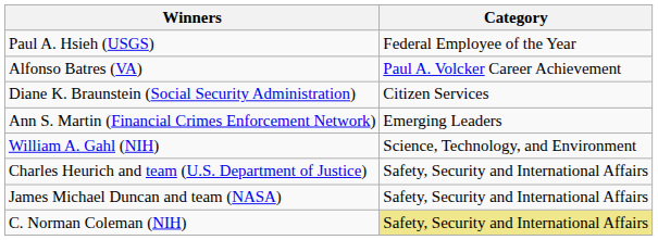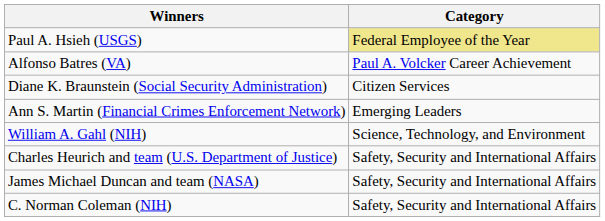 <table class="wikitable sortable mw-collapsible">
 <tr>
 <th>Winners</th>
 <th>Category</th>
 </tr>
 <tr>
 <td>Paul A. Hsieh (<a href='#'>USGS</a>)</td>
-<td>Federal Employee of the Year</td>
+<td style="background: khaki;">Federal Employee of the Year</td>
 </tr>
 <tr>
 <td>Alfonso Batres (<a href='#'>VA</a>)</td>
 <td><a href='#'>Paul A. Volcker</a> Career Achievement</td>
 </tr>
 <tr>
 <td>Diane K. Braunstein (<a href='#'>Social Security Administration</a>)</td>
 <td>Citizen Services</td>
 </tr>
 <tr>
 <td>Ann S. Martin (<a href='#'>Financial Crimes Enforcement Network</a>)</td>
 <td>Emerging Leaders</td>
 </tr>
 <tr>
 <td><a href='#'>William A. Gahl</a> (<a href='#'>NIH</a>)</td>
 <td>Science, Technology, and Environment</td>
 </tr>
 <tr>
 <td>Charles Heurich and <a href='#'>team</a> (<a href='#'>U.S. Department of Justice</a>)</td>
 <td>Safety, Security and International Affairs</td>
 </tr>
 <tr>
 <td>James Michael Duncan and team (<a href='#'>NASA</a>)</td>
 <td>Safety, Security and International Affairs</td>
 </tr>
 <tr>
 <td>C. Norman Coleman (<a href='#'>NIH</a>)</td>
-<td style="background: khaki;">Safety, Security and International Affairs</td>
+<td>Safety, Security and International Affairs</td>
 </tr>
 </table>
